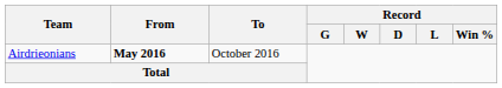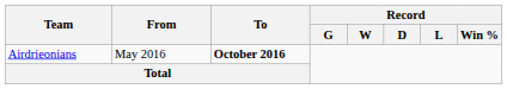 <table class="wikitable" style="text-align: center">
 <tr>
 <th rowspan="2!" style="width:130px;">Team</th>
 <th rowspan="2!" style="width:120px;">From</th>
 <th rowspan="2!" style="width:120px;">To</th>
 <th colspan=5>Record</th>
 </tr>
 <tr>
 <th width=40>G</th>
 <th width=40>W</th>
 <th width=40>D</th>
 <th width=40>L</th>
 <th width=50>Win %</th>
 </tr>
 <tr>
 <td align=left><a href='#'>Airdrieonians</a></td>
-<td align=left><strong>May 2016</strong></td>
-<td align=left>October 2016<br></td>
+<td align=left>May 2016</td>
+<td align=left><strong>October 2016<br></strong></td>
 </tr>
 <tr>
 <th colspan=3>Total<br></th>
 </tr>
 </table>
